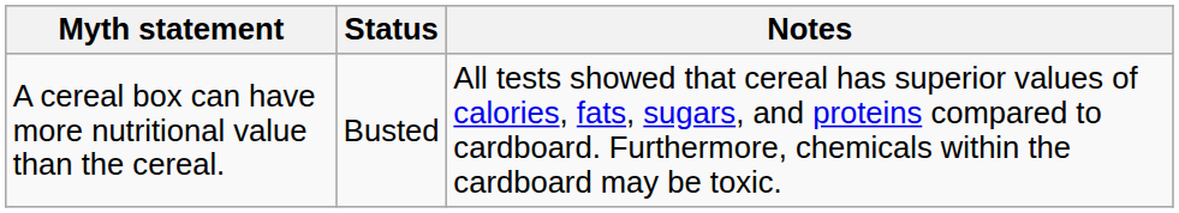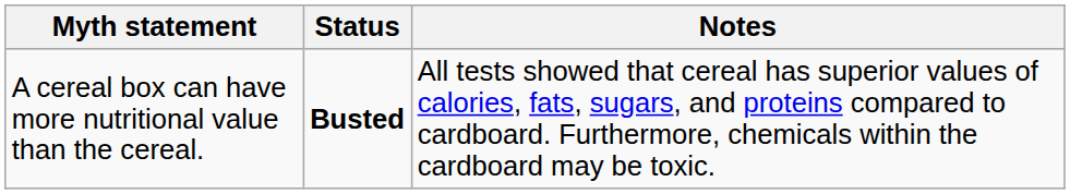 <table class="wikitable plainrowheaders">
 <tr>
 <th>Myth statement</th>
 <th>Status</th>
 <th>Notes</th>
 </tr>
 <tr>
 <td>A cereal box can have more nutritional value than the cereal.</td>
-<td><span>Busted</span></td>
+<td><strong><span>Busted</span></strong></td>
 <td>All tests showed that cereal has superior values of <a href='#'>calories</a>, <a href='#'>fats</a>, <a href='#'>sugars</a>, and <a href='#'>proteins</a> compared to cardboard.  Furthermore, chemicals within the cardboard may be toxic.</td>
 </tr>
 </table>
